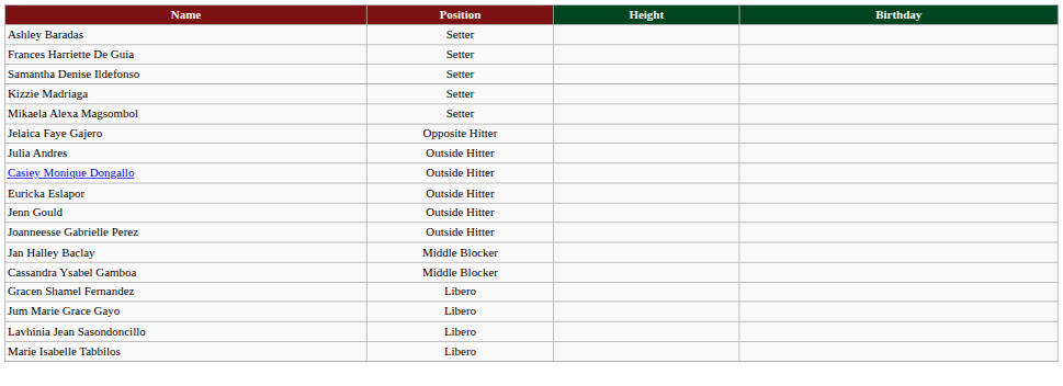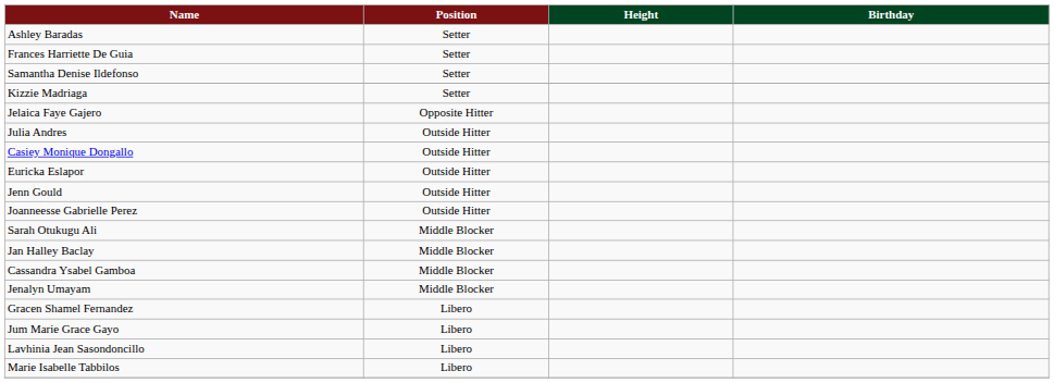 <table class="wikitable sortable" style="font-size:90%; text-align:center; width:100%;">
 <tr>
 <th style="width:16em; background:#7b1113; color:white;">Name</th>
 <th style="width:8em; background:#7b1113; color:white; text-align: center">Position</th>
 <th style="width:8em; background:#014421; color:white;">Height</th>
 <th style="width:14em; background:#014421; color:white;">Birthday</th>
 </tr>
 <tr>
 <td align=left> Ashley Baradas</td>
 <td>Setter</td>
 <td></td>
 <td></td>
 </tr>
 <tr>
 <td align=left> Frances Harriette De Guia</td>
 <td>Setter</td>
 <td></td>
 <td></td>
 </tr>
 <tr>
 <td align=left> Samantha Denise Ildefonso</td>
 <td>Setter</td>
 <td></td>
 <td></td>
 </tr>
 <tr>
 </tr>
 <tr>
 <td align=left> Kizzie Madriaga</td>
 <td>Setter</td>
 <td></td>
 <td align=right></td>
-</tr>
-<tr>
-<td align=left> Mikaela Alexa Magsombol</td>
-<td>Setter</td>
-<td></td>
-<td></td>
 </tr>
 <tr>
 <td align=left> Jelaica Faye Gajero</td>
 <td>Opposite Hitter</td>
 <td></td>
 <td align=right></td>
 </tr>
 <tr>
 <td align=left> Julia Andres</td>
 <td>Outside Hitter</td>
 <td></td>
 <td align=right></td>
 </tr>
 <tr>
 <td align=left> <a href='#'>Casiey Monique Dongallo</a></td>
 <td>Outside Hitter</td>
 <td></td>
 <td align=right></td>
 </tr>
 <tr>
 <td align=left> Euricka Eslapor</td>
 <td>Outside Hitter</td>
 <td></td>
 <td align=right></td>
 </tr>
 <tr>
 <td align=left> Jenn Gould</td>
 <td>Outside Hitter</td>
 <td></td>
 <td align=right></td>
 </tr>
 <tr>
 <td align=left> Joanneesse Gabrielle Perez</td>
 <td>Outside Hitter</td>
 <td></td>
 <td></td>
 </tr>
 <tr>
+<td align=left> Sarah Otukugu Ali</td>
+<td>Middle Blocker</td>
+<td></td>
+<td align=right></td>
+</tr>
+<tr>
 <td align=left> Jan Halley Baclay</td>
 <td>Middle Blocker</td>
 <td></td>
 <td align=right></td>
 </tr>
 <tr>
 <td align=left> Cassandra Ysabel Gamboa</td>
 <td>Middle Blocker</td>
 <td></td>
 <td></td>
+</tr>
+<tr>
+<td align=left> Jenalyn Umayam</td>
+<td>Middle Blocker</td>
+<td></td>
+<td align=right></td>
 </tr>
 <tr>
 <td align=left> Gracen Shamel Fernandez</td>
 <td>Libero</td>
 <td></td>
 <td align=right></td>
 </tr>
 <tr>
 <td align=left>  Jum Marie Grace Gayo</td>
 <td>Libero</td>
 <td></td>
 <td></td>
 </tr>
 <tr>
 <td align=left> Lavhinia Jean Sasondoncillo</td>
 <td>Libero</td>
 <td></td>
 <td align=right></td>
 </tr>
 <tr>
 <td align=left> Marie Isabelle Tabbilos</td>
 <td>Libero</td>
 <td></td>
 <td align=right></td>
 </tr>
 <tr>
 </tr>
 </table>
